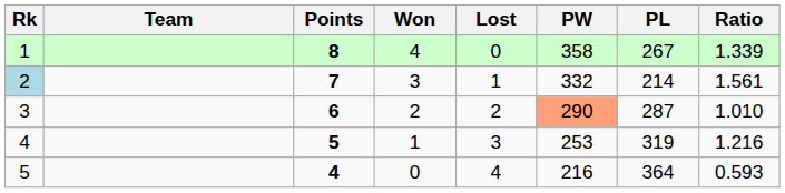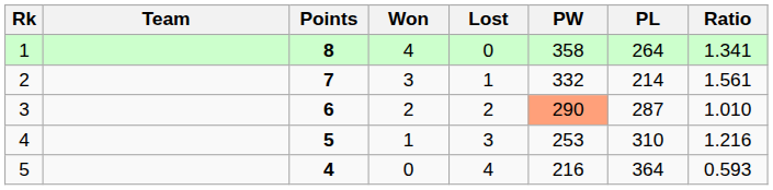 <table class=wikitable style="text-align:center">
 <tr bgcolor="#DCDCDC">
 <th width="25">Rk</th>
 <th width="200">Team</th>
 <th width="60">Points</th>
 <th width="60">Won</th>
 <th width="60">Lost</th>
 <th width="60">PW</th>
 <th width="60">PL</th>
 <th width="60">Ratio</th>
 </tr>
 <tr bgcolor=#CCFFCC>
 <td>1</td>
 <td align=left></td>
 <td><strong>8</strong></td>
 <td>4</td>
 <td>0</td>
 <td>358</td>
-<td>267</td>
-<td>1.339</td>
+<td>264</td>
+<td>1.341</td>
 </tr>
 <tr>
-<td style="background: lightblue;">2</td>
+<td>2</td>
 <td align=left></td>
 <td><strong>7</strong></td>
 <td>3</td>
 <td>1</td>
 <td>332</td>
 <td>214</td>
 <td>1.561</td>
 </tr>
 <tr>
 <td>3</td>
 <td align=left></td>
 <td><strong>6</strong></td>
 <td>2</td>
 <td>2</td>
 <td style="background: lightsalmon;">290</td>
 <td>287</td>
 <td>1.010</td>
 </tr>
 <tr>
 <td>4</td>
 <td align=left></td>
 <td><strong>5</strong></td>
 <td>1</td>
 <td>3</td>
 <td>253</td>
-<td>319</td>
+<td>310</td>
 <td>1.216</td>
 </tr>
 <tr>
 <td>5</td>
 <td align=left></td>
 <td><strong>4</strong></td>
 <td>0</td>
 <td>4</td>
 <td>216</td>
 <td>364</td>
 <td>0.593</td>
 </tr>
 </table>
